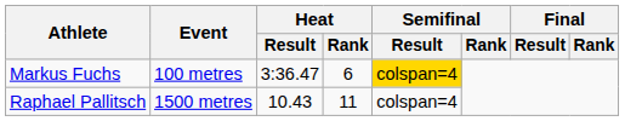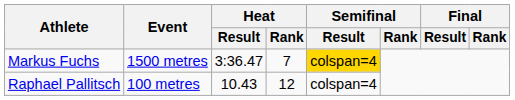 <table class="wikitable" style="font-size:90%">
 <tr>
 <th rowspan="2">Athlete</th>
 <th rowspan="2">Event</th>
 <th colspan="2">Heat</th>
 <th colspan="2">Semifinal</th>
 <th colspan="2">Final</th>
 </tr>
 <tr style="font-size:95%">
 <th>Result</th>
 <th>Rank</th>
 <th>Result</th>
 <th>Rank</th>
 <th>Result</th>
 <th>Rank</th>
 </tr>
 <tr align=center>
 <td align=left><a href='#'>Markus Fuchs</a></td>
-<td align=left><a href='#'>100 metres</a></td>
+<td align=left><a href='#'>1500 metres</a></td>
 <td>3:36.47 </td>
-<td>6</td>
+<td>7</td>
 <td style="background: gold;">colspan=4 </td>
 </tr>
 <tr align=center>
 <td align=left><a href='#'>Raphael Pallitsch</a></td>
-<td align=left><a href='#'>1500 metres</a></td>
+<td align=left><a href='#'>100 metres</a></td>
 <td>10.43</td>
-<td>11</td>
+<td>12</td>
 <td>colspan=4 </td>
 </tr>
 </table>
